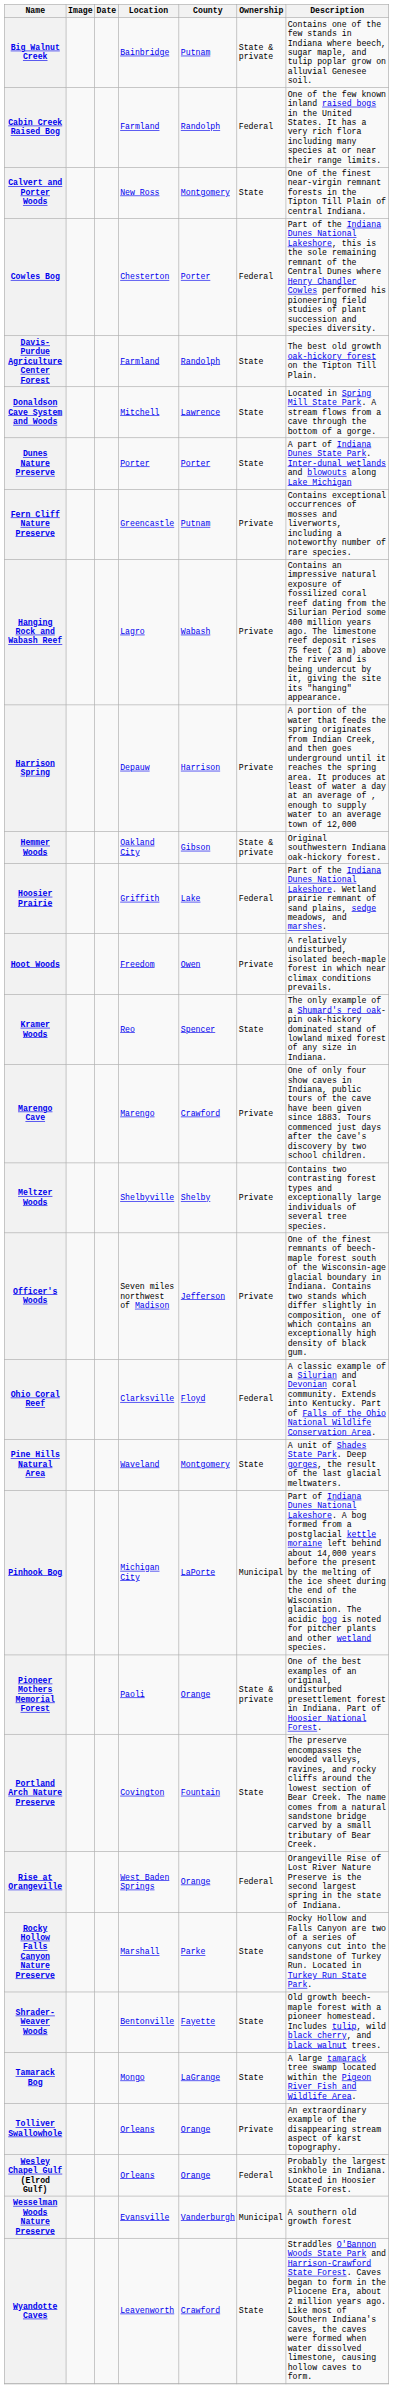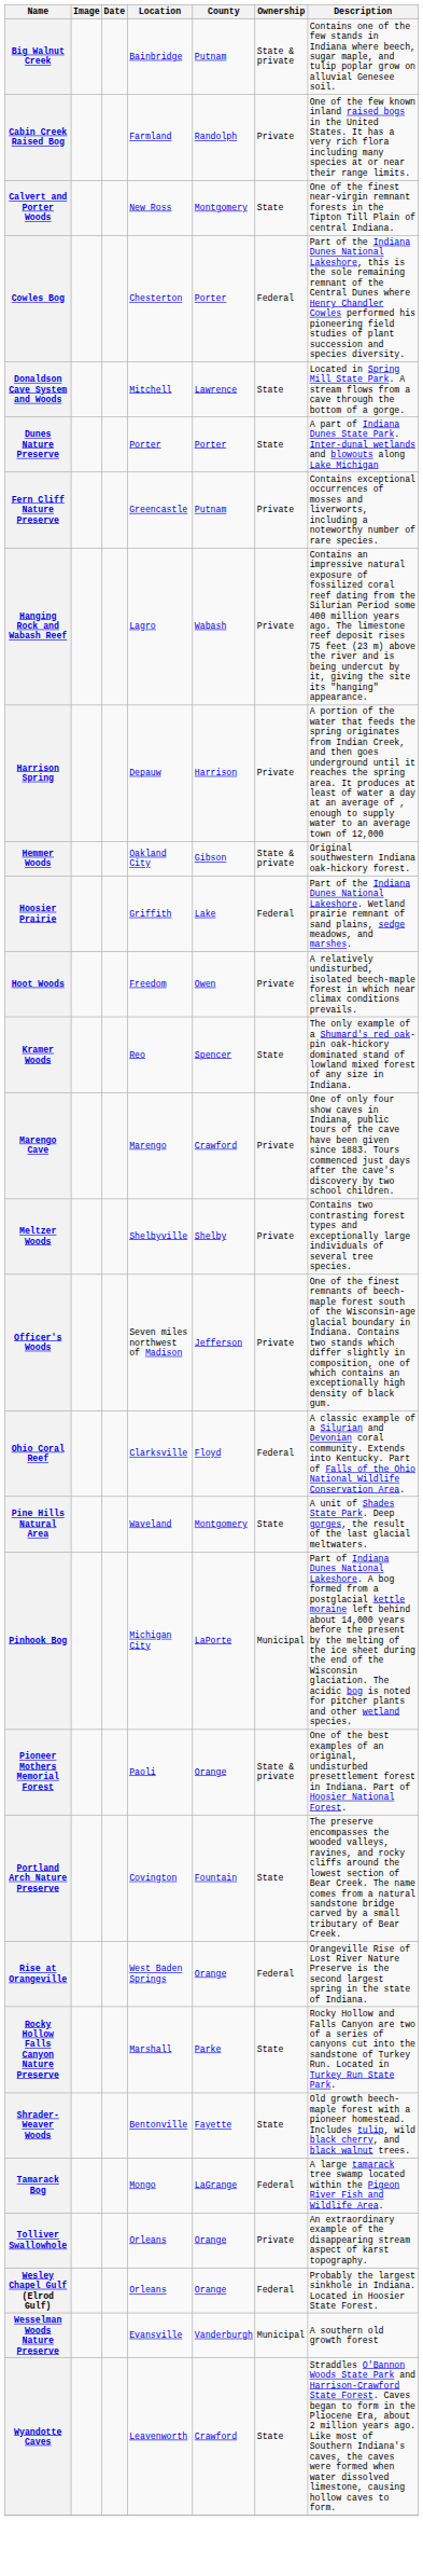 <table class="wikitable sortable" align="center">
 <tr>
 <th style="background-color:">Name</th>
 <th style="background-color:">Image</th>
 <th style="background-color:">Date</th>
 <th style="background-color:">Location</th>
 <th style="background-color:">County</th>
 <th style="background-color:">Ownership</th>
 <th style="background-color:">Description</th>
 </tr>
 <tr>
 <th><a href='#'>Big Walnut Creek</a></th>
 <td></td>
 <td></td>
 <td><a href='#'>Bainbridge</a><br><small></small></td>
 <td><a href='#'>Putnam</a></td>
 <td>State & private</td>
 <td>Contains one of the few stands in Indiana where beech, sugar maple, and tulip poplar grow on alluvial Genesee soil.</td>
 </tr>
 <tr>
 <th><a href='#'>Cabin Creek Raised Bog</a></th>
 <td></td>
 <td></td>
 <td><a href='#'>Farmland</a><br><small></small></td>
 <td><a href='#'>Randolph</a></td>
-<td>Federal</td>
+<td>Private</td>
 <td>One of the few known inland <a href='#'>raised bogs</a> in the United States. It has a very rich flora including many species at or near their range limits.</td>
 </tr>
 <tr>
 <th><a href='#'>Calvert and Porter Woods</a></th>
 <td></td>
 <td></td>
 <td><a href='#'>New Ross</a><br><small></small></td>
 <td><a href='#'>Montgomery</a></td>
 <td>State</td>
 <td>One of the finest near-virgin remnant forests in the Tipton Till Plain of central Indiana.</td>
 </tr>
 <tr>
 <th><a href='#'>Cowles Bog</a></th>
 <td></td>
 <td></td>
 <td><a href='#'>Chesterton</a><br><small></small></td>
 <td><a href='#'>Porter</a></td>
 <td>Federal</td>
 <td>Part of the <a href='#'>Indiana Dunes National Lakeshore</a>, this is the sole remaining remnant of the Central Dunes where <a href='#'>Henry Chandler Cowles</a> performed his pioneering field studies of plant succession and species diversity.</td>
-</tr>
-<tr>
-<th><a href='#'>Davis-Purdue Agriculture Center Forest</a></th>
-<td></td>
-<td></td>
-<td><a href='#'>Farmland</a><br><small></small></td>
-<td><a href='#'>Randolph</a></td>
-<td>State</td>
-<td>The best old growth <a href='#'>oak-hickory forest</a> on the Tipton Till Plain.</td>
 </tr>
 <tr>
 <th><a href='#'>Donaldson Cave System and Woods</a></th>
 <td></td>
 <td></td>
 <td><a href='#'>Mitchell</a><br><small></small></td>
 <td><a href='#'>Lawrence</a></td>
 <td>State</td>
 <td>Located in <a href='#'>Spring Mill State Park</a>. A stream flows from a cave through the bottom of a gorge.</td>
 </tr>
 <tr>
 <th><a href='#'>Dunes Nature Preserve</a></th>
 <td></td>
 <td></td>
 <td><a href='#'>Porter</a><br><small></small></td>
 <td><a href='#'>Porter</a></td>
 <td>State</td>
 <td>A part of <a href='#'>Indiana Dunes State Park</a>. <a href='#'>Inter-dunal wetlands</a> and <a href='#'>blowouts</a> along <a href='#'>Lake Michigan</a></td>
 </tr>
 <tr>
 <th><a href='#'>Fern Cliff Nature Preserve</a></th>
 <td></td>
 <td></td>
 <td><a href='#'>Greencastle</a><br><small></small></td>
 <td><a href='#'>Putnam</a></td>
 <td>Private</td>
 <td>Contains exceptional occurrences of mosses and liverworts, including a noteworthy number of rare species.</td>
 </tr>
 <tr>
 <th><a href='#'>Hanging Rock and Wabash Reef</a></th>
 <td></td>
 <td></td>
 <td><a href='#'>Lagro</a><br><small></small></td>
 <td><a href='#'>Wabash</a></td>
 <td>Private</td>
 <td>Contains an impressive natural exposure of fossilized coral reef dating from the Silurian Period some 400 million years ago. The limestone reef deposit rises 75 feet (23 m) above the river and is being undercut by it, giving the site its "hanging" appearance.</td>
 </tr>
 <tr>
 <th><a href='#'>Harrison Spring</a></th>
 <td></td>
 <td></td>
 <td><a href='#'>Depauw</a><br><small></small></td>
 <td><a href='#'>Harrison</a></td>
 <td>Private</td>
 <td>A portion of the water that feeds the spring originates from Indian Creek, and then goes underground until it reaches the spring area. It produces at least  of water a day at an average of , enough to supply water to an average town of 12,000</td>
 </tr>
 <tr>
 <th><a href='#'>Hemmer Woods</a></th>
 <td></td>
 <td></td>
 <td><a href='#'>Oakland City</a><br><small></small></td>
 <td><a href='#'>Gibson</a></td>
 <td>State & private</td>
 <td>Original southwestern Indiana oak-hickory forest.</td>
 </tr>
 <tr>
 <th><a href='#'>Hoosier Prairie</a></th>
 <td></td>
 <td></td>
 <td><a href='#'>Griffith</a><br><small></small></td>
 <td><a href='#'>Lake</a></td>
 <td>Federal</td>
 <td>Part of the <a href='#'>Indiana Dunes National Lakeshore</a>. Wetland prairie remnant of sand plains, <a href='#'>sedge</a> meadows, and <a href='#'>marshes</a>.</td>
 </tr>
 <tr>
 <th><a href='#'>Hoot Woods</a></th>
 <td></td>
 <td></td>
 <td><a href='#'>Freedom</a><br><small></small></td>
 <td><a href='#'>Owen</a></td>
 <td>Private</td>
 <td>A relatively undisturbed, isolated beech-maple forest in which near climax conditions prevails.</td>
 </tr>
 <tr>
 <th><a href='#'>Kramer Woods</a></th>
 <td></td>
 <td></td>
 <td><a href='#'>Reo</a><br><small></small></td>
 <td><a href='#'>Spencer</a></td>
 <td>State</td>
 <td>The only example of a <a href='#'>Shumard's red oak</a>-pin oak-hickory dominated stand of lowland mixed forest of any size in Indiana.</td>
 </tr>
 <tr>
 <th><a href='#'>Marengo Cave</a></th>
 <td></td>
 <td></td>
 <td><a href='#'>Marengo</a><br><small></small></td>
 <td><a href='#'>Crawford</a></td>
 <td>Private</td>
 <td>One of only four show caves in Indiana, public tours of the cave have been given since 1883. Tours commenced just days after the cave's discovery by two school children.</td>
 </tr>
 <tr>
 <th><a href='#'>Meltzer Woods</a></th>
 <td></td>
 <td></td>
 <td><a href='#'>Shelbyville</a><br><small></small></td>
 <td><a href='#'>Shelby</a></td>
 <td>Private</td>
 <td>Contains two contrasting forest types and exceptionally large individuals of several tree species.</td>
 </tr>
 <tr>
 <th><a href='#'>Officer's Woods</a></th>
 <td></td>
 <td></td>
 <td>Seven miles northwest of <a href='#'>Madison</a></td>
 <td><a href='#'>Jefferson</a></td>
 <td>Private</td>
 <td>One of the finest remnants of beech-maple forest south of the Wisconsin-age glacial boundary in Indiana. Contains two stands which differ slightly in composition, one of which contains an exceptionally high density of black gum.</td>
 </tr>
 <tr>
 <th><a href='#'>Ohio Coral Reef</a></th>
 <td></td>
 <td></td>
 <td><a href='#'>Clarksville</a><br><small></small></td>
 <td><a href='#'>Floyd</a></td>
 <td>Federal</td>
 <td>A classic example of a <a href='#'>Silurian</a> and <a href='#'>Devonian</a> coral community.  Extends into Kentucky. Part of <a href='#'>Falls of the Ohio National Wildlife Conservation Area</a>.</td>
 </tr>
 <tr>
 <th><a href='#'>Pine Hills Natural Area</a></th>
 <td></td>
 <td></td>
 <td><a href='#'>Waveland</a><br><small></small></td>
 <td><a href='#'>Montgomery</a></td>
 <td>State</td>
 <td>A unit of <a href='#'>Shades State Park</a>. Deep <a href='#'>gorges</a>, the result of the last glacial meltwaters.</td>
 </tr>
 <tr>
 <th><a href='#'>Pinhook Bog</a></th>
 <td></td>
 <td></td>
 <td><a href='#'>Michigan City</a><br><small></small></td>
 <td><a href='#'>LaPorte</a></td>
 <td>Municipal</td>
 <td>Part of <a href='#'>Indiana Dunes National Lakeshore</a>. A bog formed from a postglacial <a href='#'>kettle</a> <a href='#'>moraine</a> left behind about 14,000 years before the present by the melting of the ice sheet during the end of the Wisconsin glaciation. The acidic <a href='#'>bog</a> is noted for pitcher plants and other <a href='#'>wetland</a> species.</td>
 </tr>
 <tr>
 <th><a href='#'>Pioneer Mothers Memorial Forest</a></th>
 <td></td>
 <td></td>
 <td><a href='#'>Paoli</a><br><small></small></td>
 <td><a href='#'>Orange</a></td>
 <td>State & private</td>
 <td>One of the best examples of an original, undisturbed presettlement forest in Indiana. Part of <a href='#'>Hoosier National Forest</a>.</td>
 </tr>
 <tr>
 <th><a href='#'>Portland Arch Nature Preserve</a></th>
 <td></td>
 <td></td>
 <td><a href='#'>Covington</a><br><small></small></td>
 <td><a href='#'>Fountain</a></td>
 <td>State</td>
 <td>The preserve encompasses the wooded valleys, ravines, and rocky cliffs around the lowest section of Bear Creek. The name comes from a natural sandstone bridge carved by a small tributary of Bear Creek.</td>
 </tr>
 <tr>
 <th><a href='#'>Rise at Orangeville</a></th>
 <td></td>
 <td></td>
 <td><a href='#'>West Baden Springs</a><br><small></small></td>
 <td><a href='#'>Orange</a></td>
 <td>Federal</td>
 <td>Orangeville Rise of Lost River Nature Preserve is the second largest spring in the state of Indiana.</td>
 </tr>
 <tr>
 <th><a href='#'>Rocky Hollow Falls Canyon Nature Preserve</a></th>
 <td></td>
 <td></td>
 <td><a href='#'>Marshall</a><br><small></small></td>
 <td><a href='#'>Parke</a></td>
 <td>State</td>
 <td>Rocky Hollow and Falls Canyon are two of a series of canyons cut into the sandstone of Turkey Run. Located in <a href='#'>Turkey Run State Park</a>.</td>
 </tr>
 <tr>
 <th><a href='#'>Shrader-Weaver Woods</a></th>
 <td></td>
 <td></td>
 <td><a href='#'>Bentonville</a><br><small></small></td>
 <td><a href='#'>Fayette</a></td>
 <td>State</td>
 <td>Old growth beech-maple forest with a pioneer homestead. Includes <a href='#'>tulip</a>, wild <a href='#'>black cherry</a>, and <a href='#'>black walnut</a> trees.</td>
 </tr>
 <tr>
 <th><a href='#'>Tamarack Bog</a></th>
 <td></td>
 <td></td>
 <td><a href='#'>Mongo</a><br><small></small></td>
 <td><a href='#'>LaGrange</a></td>
-<td>State</td>
+<td>Federal</td>
 <td>A large <a href='#'>tamarack</a> tree swamp located within the <a href='#'>Pigeon River Fish and Wildlife Area</a>.</td>
 </tr>
 <tr>
 <th><a href='#'>Tolliver Swallowhole</a></th>
 <td></td>
 <td></td>
 <td><a href='#'>Orleans</a><br><small></small></td>
 <td><a href='#'>Orange</a></td>
 <td>Private</td>
 <td>An extraordinary example of the disappearing stream aspect of karst topography.</td>
 </tr>
 <tr>
 <th><a href='#'>Wesley Chapel Gulf</a> (Elrod Gulf) </th>
 <td></td>
 <td></td>
 <td><a href='#'>Orleans</a><br><small></small></td>
 <td><a href='#'>Orange</a></td>
 <td>Federal</td>
 <td>Probably the largest sinkhole in Indiana. Located in Hoosier State Forest.</td>
 </tr>
 <tr>
 <th><a href='#'>Wesselman Woods Nature Preserve</a></th>
 <td></td>
 <td></td>
 <td><a href='#'>Evansville</a><br><small></small></td>
 <td><a href='#'>Vanderburgh</a></td>
 <td>Municipal</td>
 <td>A southern old growth forest</td>
 </tr>
 <tr>
 <th><a href='#'>Wyandotte Caves</a></th>
 <td></td>
 <td></td>
 <td><a href='#'>Leavenworth</a><br><small></small></td>
 <td><a href='#'>Crawford</a></td>
 <td>State</td>
 <td>Straddles <a href='#'>O'Bannon Woods State Park</a> and <a href='#'>Harrison-Crawford State Forest</a>. Caves began to form in the Pliocene Era, about 2 million years ago. Like most of Southern Indiana's caves, the caves were formed when water dissolved limestone, causing hollow caves to form.</td>
 </tr>
 <tr>
 </tr>
 </table>
